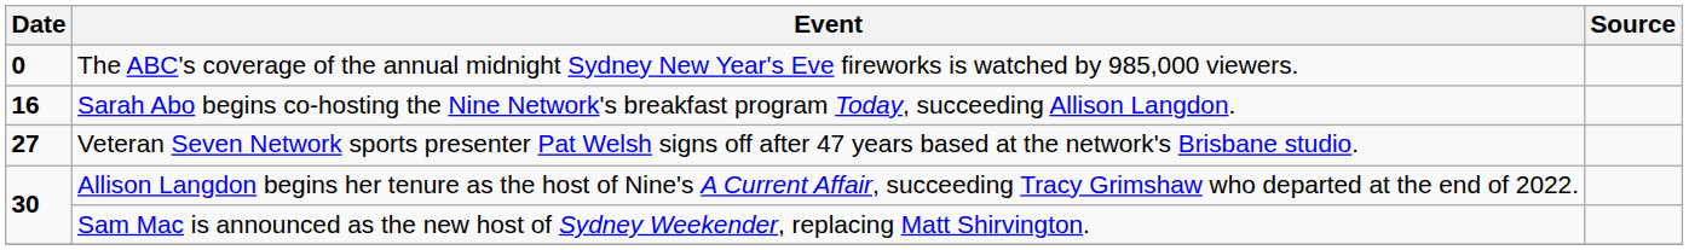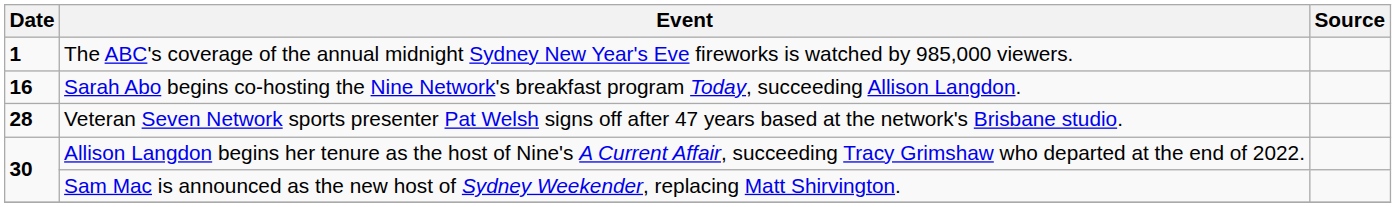 <table class="wikitable">
 <tr>
 <th>Date</th>
 <th>Event</th>
 <th>Source</th>
 </tr>
 <tr>
-<td><strong>0</strong></td>
+<td><strong>1</strong></td>
 <td>The <a href='#'>ABC</a>'s coverage of the annual midnight <a href='#'>Sydney New Year's Eve</a> fireworks is watched by 985,000 viewers.</td>
 <td></td>
 </tr>
 <tr>
 <td><strong>16</strong></td>
 <td><a href='#'>Sarah Abo</a> begins co-hosting the <a href='#'>Nine Network</a>'s breakfast program <em><a href='#'>Today</a></em>, succeeding <a href='#'>Allison Langdon</a>.</td>
 <td></td>
 </tr>
 <tr>
-<td><strong>27</strong></td>
+<td><strong>28</strong></td>
 <td>Veteran <a href='#'>Seven Network</a> sports presenter <a href='#'>Pat Welsh</a> signs off after 47 years based at the network's <a href='#'>Brisbane studio</a>.</td>
 <td></td>
 </tr>
 <tr>
 <td rowspan=2><strong>30</strong></td>
 <td><a href='#'>Allison Langdon</a> begins her tenure as the host of Nine's <em><a href='#'>A Current Affair</a></em>, succeeding <a href='#'>Tracy Grimshaw</a> who departed at the end of 2022.</td>
 <td></td>
 </tr>
 <tr>
 <td><a href='#'>Sam Mac</a> is announced as the new host of <em><a href='#'>Sydney Weekender</a></em>, replacing <a href='#'>Matt Shirvington</a>.</td>
 <td></td>
 </tr>
 <tr>
 </tr>
 </table>
